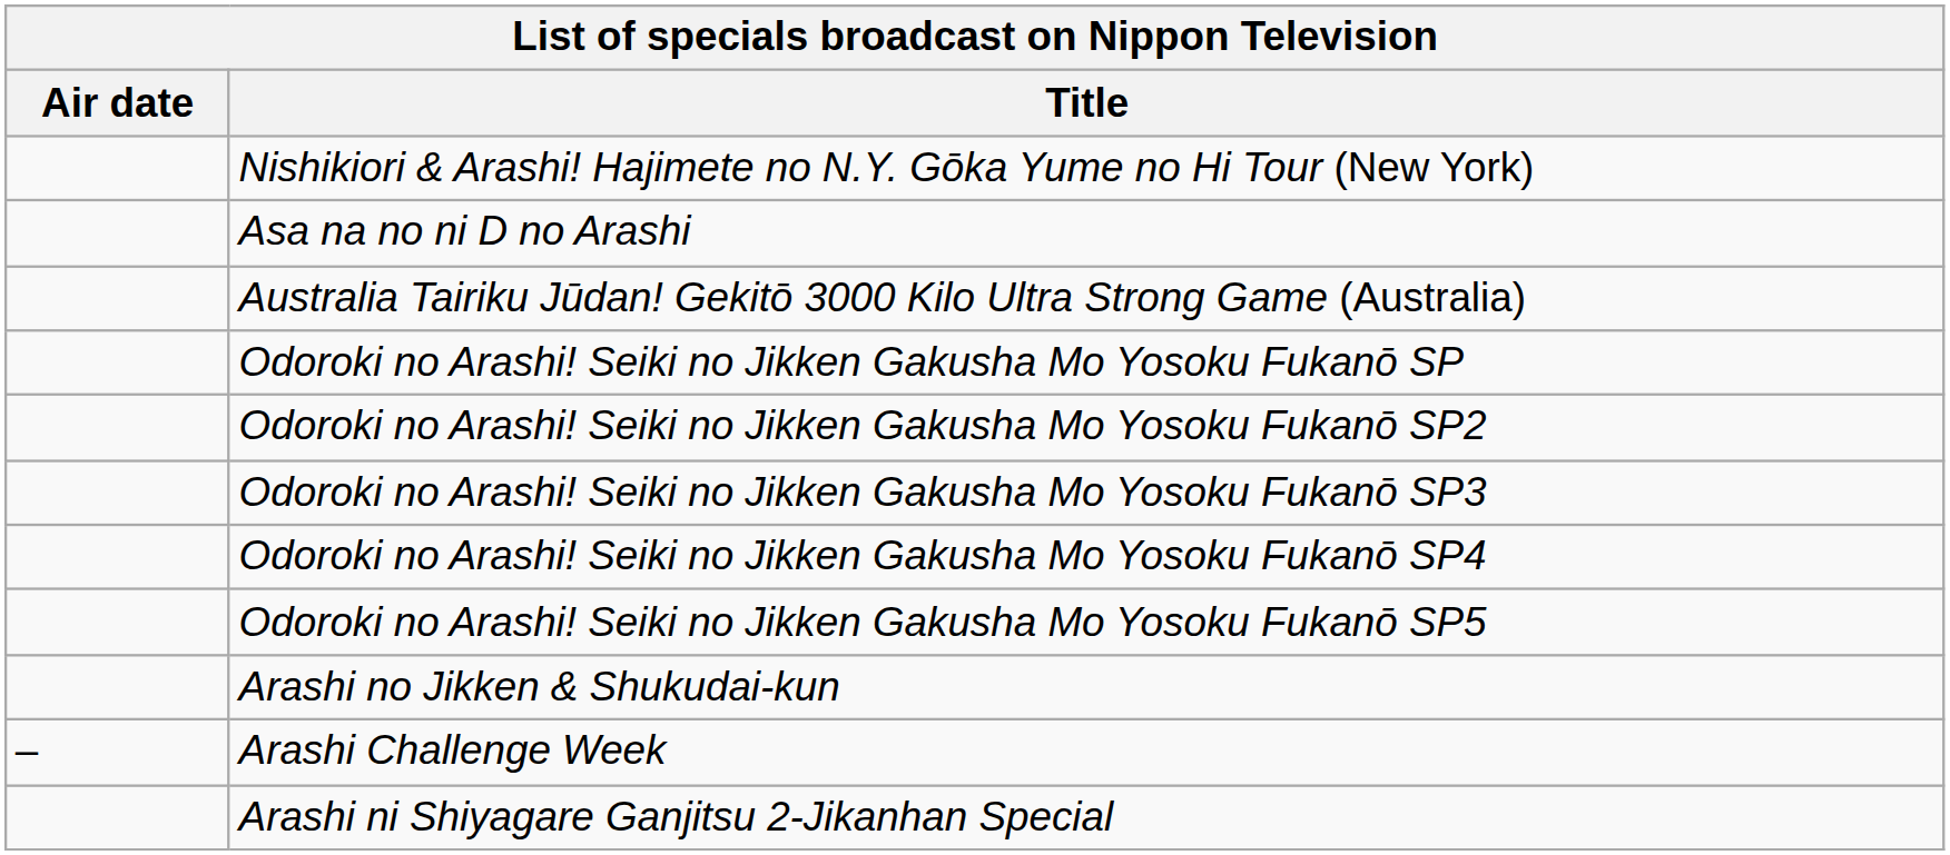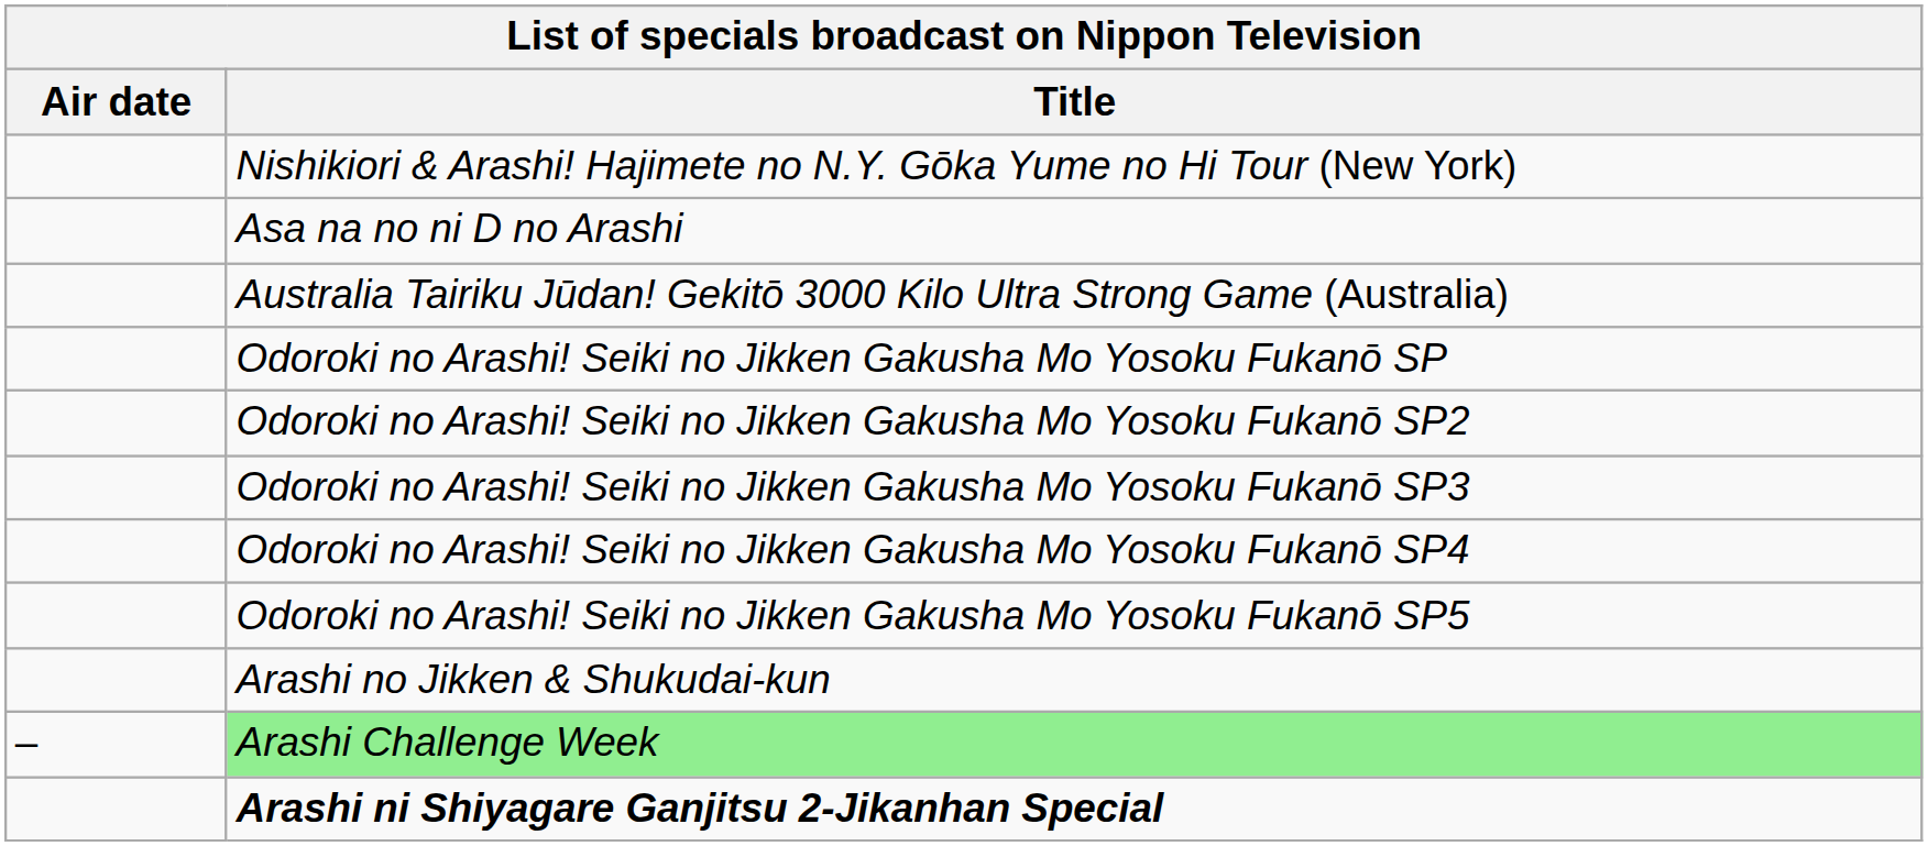 <table class="wikitable" style="clear:none; padding:0 auto; width:60%; margin:auto align:left;">
 <tr>
 <th colspan=3>List of specials broadcast on Nippon Television</th>
 </tr>
 <tr>
 <th>Air date</th>
 <th>Title</th>
 </tr>
 <tr>
 <td></td>
 <td><em>Nishikiori & Arashi! Hajimete no N.Y. Gōka Yume no Hi Tour</em> (New York)</td>
 </tr>
 <tr>
 <td></td>
 <td><em>Asa na no ni D no Arashi</em></td>
 </tr>
 <tr>
 <td></td>
 <td><em>Australia Tairiku Jūdan! Gekitō 3000 Kilo Ultra Strong Game</em> (Australia)</td>
 </tr>
 <tr>
 <td></td>
 <td><em>Odoroki no Arashi! Seiki no Jikken Gakusha Mo Yosoku Fukanō SP</em></td>
 </tr>
 <tr>
 <td></td>
 <td><em>Odoroki no Arashi! Seiki no Jikken Gakusha Mo Yosoku Fukanō SP2</em></td>
 </tr>
 <tr>
 <td></td>
 <td><em>Odoroki no Arashi! Seiki no Jikken Gakusha Mo Yosoku Fukanō SP3</em></td>
 </tr>
 <tr>
 <td></td>
 <td><em>Odoroki no Arashi! Seiki no Jikken Gakusha Mo Yosoku Fukanō SP4</em></td>
 </tr>
 <tr>
 <td></td>
 <td><em>Odoroki no Arashi! Seiki no Jikken Gakusha Mo Yosoku Fukanō SP5</em></td>
 </tr>
 <tr>
 <td></td>
 <td><em>Arashi no Jikken & Shukudai-kun</em></td>
 </tr>
 <tr>
 <td> – </td>
-<td><em>Arashi Challenge Week</em></td>
+<td style="background: lightgreen;"><em>Arashi Challenge Week</em></td>
 </tr>
 <tr>
 <td></td>
-<td><em>Arashi ni Shiyagare Ganjitsu 2-Jikanhan Special</em></td>
+<td><strong><em>Arashi ni Shiyagare Ganjitsu 2-Jikanhan Special</em></strong></td>
 </tr>
 </table>
